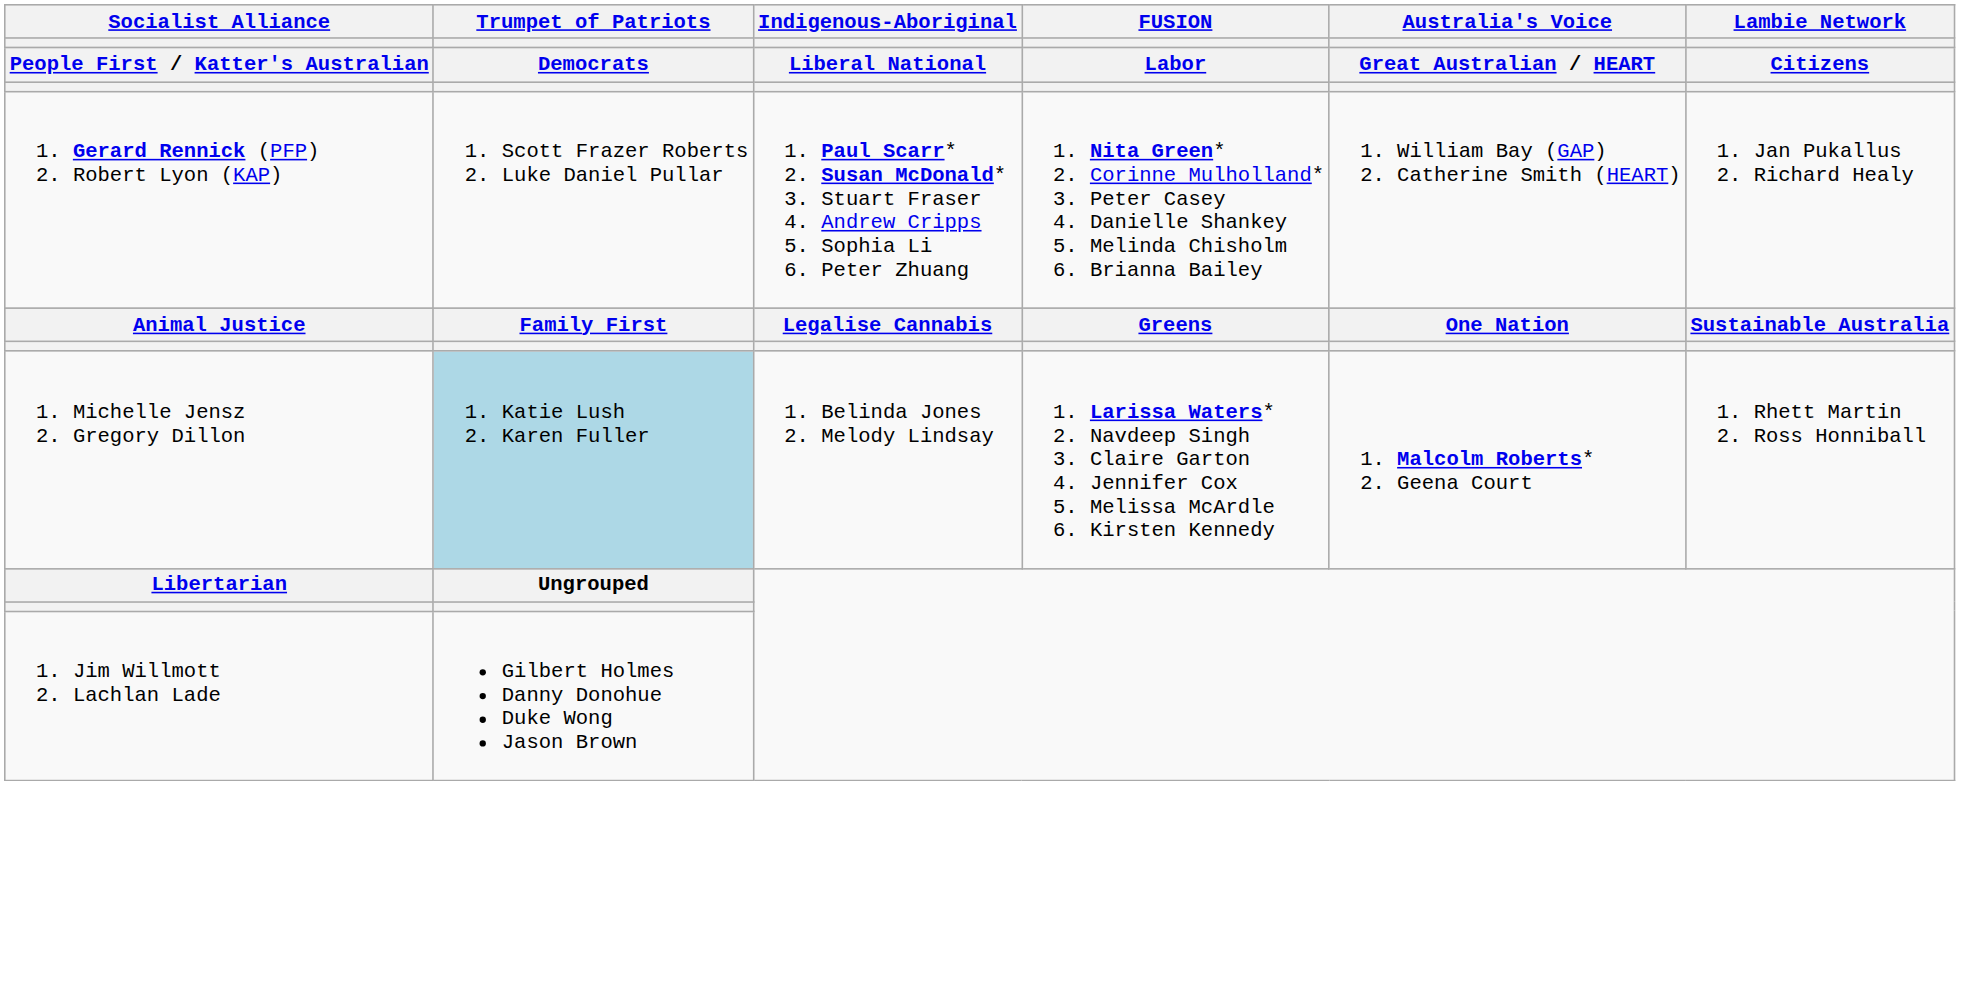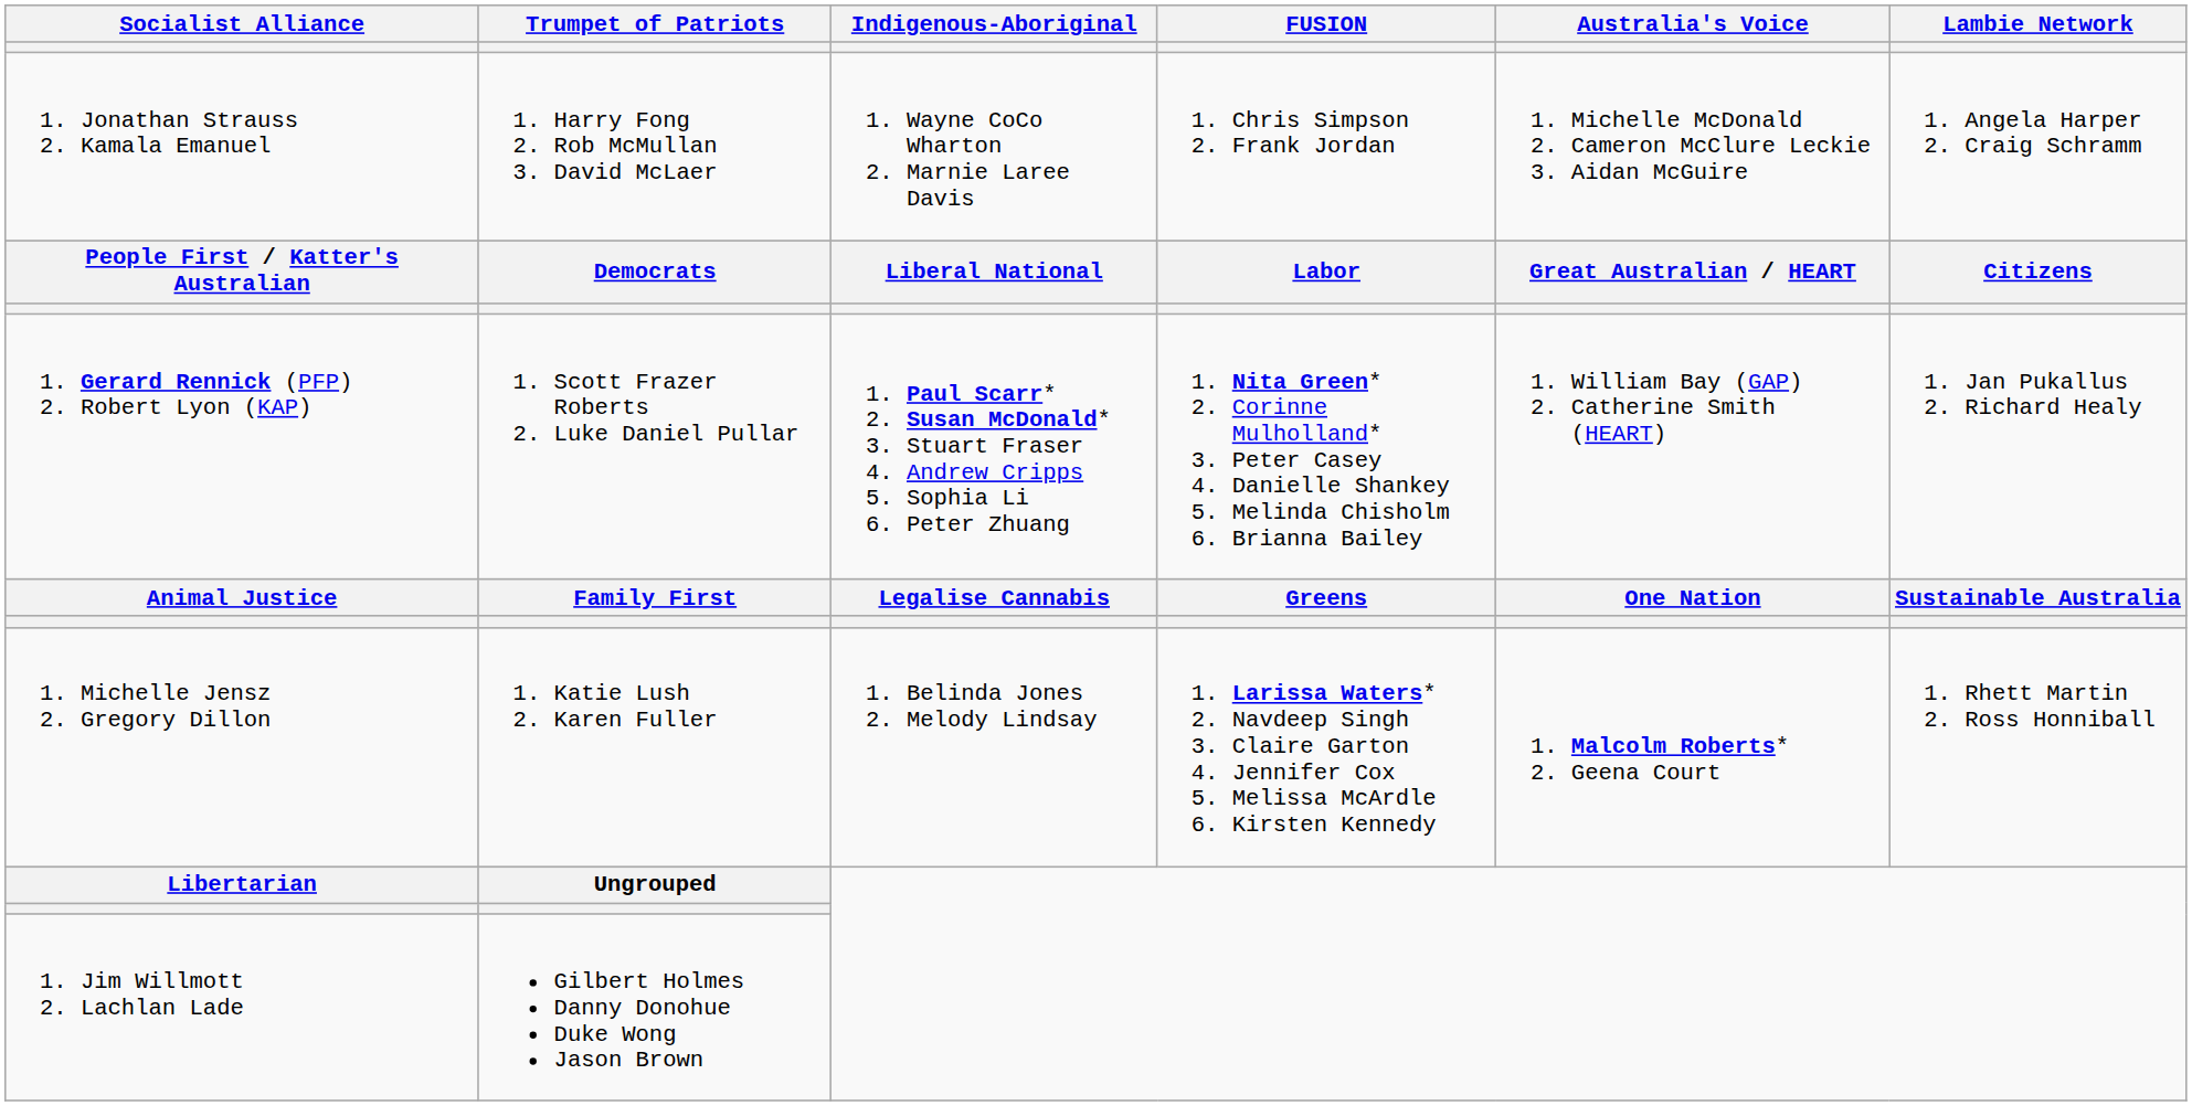 <table class=wikitable>
 <tr>
 <th><a href='#'>Socialist Alliance</a></th>
 <th><a href='#'>Trumpet of Patriots</a></th>
 <th><a href='#'>Indigenous-Aboriginal</a></th>
 <th><a href='#'>FUSION</a></th>
 <th><a href='#'>Australia's Voice</a></th>
 <th><a href='#'>Lambie Network</a></th>
 </tr>
 <tr>
 <th></th>
 <th></th>
 <th></th>
 <th></th>
 <th></th>
 <th></th>
+</tr>
+<tr>
+<td valign=top><br><ol> <li> Jonathan Strauss <li> Kamala Emanuel </ol></td>
+<td valign=top><br><ol> <li> Harry Fong <li> Rob McMullan <li> David McLaer </ol></td>
+<td valign=top><br><ol> <li> Wayne CoCo Wharton <li> Marnie Laree Davis </ol></td>
+<td valign=top><br><ol> <li> Chris Simpson <li> Frank Jordan </ol></td>
+<td valign=top><br><ol> <li> Michelle McDonald <li> Cameron McClure Leckie <li> Aidan McGuire </ol></td>
+<td valign=top><br><ol> <li> Angela Harper <li> Craig Schramm </ol></td>
 </tr>
 <tr style=background:#ccc>
 <th><a href='#'>People First</a> / <a href='#'>Katter's Australian</a></th>
 <th><a href='#'>Democrats</a></th>
 <th><a href='#'>Liberal National</a></th>
 <th><a href='#'>Labor</a></th>
 <th><a href='#'>Great Australian</a> / <a href='#'>HEART</a></th>
 <th><a href='#'>Citizens</a></th>
 </tr>
 <tr>
 <th></th>
 <th></th>
 <th></th>
 <th></th>
 <th></th>
 <th></th>
 </tr>
 <tr>
 <td valign=top><br><ol> <li> <strong><a href='#'>Gerard Rennick</a></strong> (<a href='#'>PFP</a>) <li> Robert Lyon (<a href='#'>KAP</a>) </ol></td>
 <td valign=top><br><ol> <li> Scott Frazer Roberts <li> Luke Daniel Pullar </ol></td>
 <td><br><ol> <li> <strong><a href='#'>Paul Scarr</a></strong>* <li> <strong><a href='#'>Susan McDonald</a></strong>* <li> Stuart Fraser <li> <a href='#'>Andrew Cripps</a> <li> Sophia Li <li> Peter Zhuang </ol></td>
 <td><br><ol> <li> <strong><a href='#'>Nita Green</a></strong>* <li> <a href='#'>Corinne Mulholland</a>* <li> Peter Casey <li> Danielle Shankey <li> Melinda Chisholm <li> Brianna Bailey </ol></td>
 <td valign=top><br><ol> <li> William Bay (<a href='#'>GAP</a>)  <li> Catherine Smith (<a href='#'>HEART</a>)</ol></td>
 <td valign=top><br><ol> <li> Jan Pukallus <li> Richard Healy </ol></td>
 </tr>
 <tr style=background:#ccc>
 <th><a href='#'>Animal Justice</a></th>
 <th><a href='#'>Family First</a></th>
 <th><a href='#'>Legalise Cannabis</a></th>
 <th><a href='#'>Greens</a></th>
 <th><a href='#'>One Nation</a></th>
 <th><a href='#'>Sustainable Australia</a></th>
 </tr>
 <tr>
 <th></th>
 <th></th>
 <th></th>
 <th></th>
 <th></th>
 <th></th>
 </tr>
 <tr>
 <td valign=top><br><ol> <li> Michelle Jensz <li> Gregory Dillon </ol></td>
-<td valign=top style="background: lightblue;"><br><ol> <li> Katie Lush <li> Karen Fuller </ol></td>
+<td valign=top><br><ol> <li> Katie Lush <li> Karen Fuller </ol></td>
 <td valign=top><br><ol> <li> Belinda Jones <li> Melody Lindsay </ol></td>
 <td><br><ol> <li>  <strong><a href='#'>Larissa Waters</a></strong>* <li> Navdeep Singh <li> Claire Garton <li> Jennifer Cox <li> Melissa McArdle <li> Kirsten Kennedy </ol></td>
 <td><br><ol> <li> <strong><a href='#'>Malcolm Roberts</a></strong>* <li> Geena Court </ol></td>
 <td valign=top><br><ol> <li> Rhett Martin <li> Ross Honniball </ol></td>
 </tr>
 <tr style=background:#ccc>
 <th><a href='#'>Libertarian</a></th>
 <th>Ungrouped</th>
 </tr>
 <tr>
 <th></th>
 <th></th>
 </tr>
 <tr>
 <td valign=top><br><ol> <li> Jim Willmott <li> Lachlan Lade </ol></td>
 <td valign=top><br><ul> <li> Gilbert Holmes <li>Danny Donohue <li>Duke Wong <li>Jason Brown </ul></td>
 </tr>
 </table>
